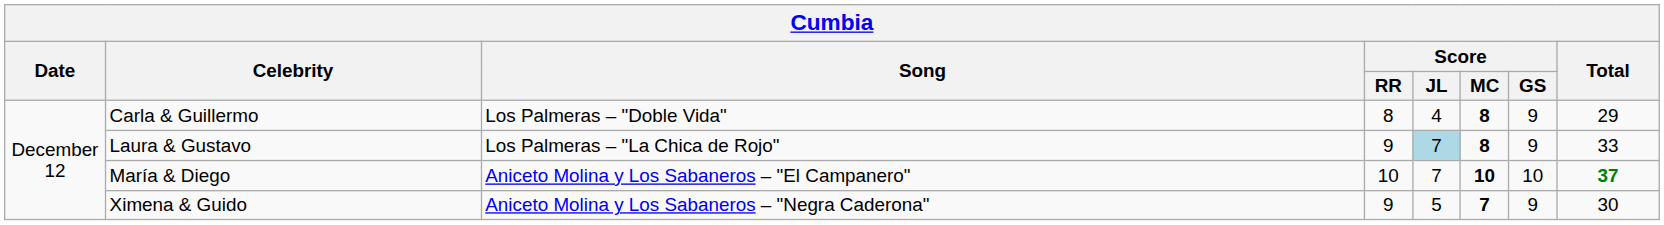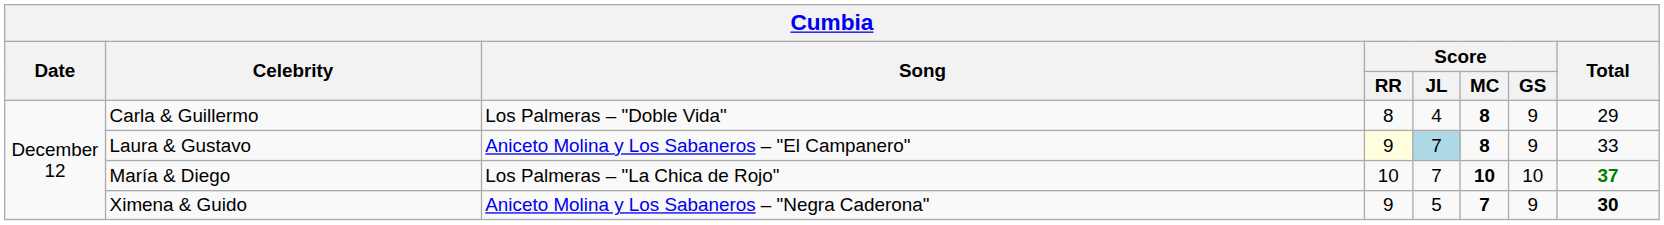 <table class="wikitable collapsible collapsed" style="font-size:90%; text-align: center; width: 100%;">
 <tr>
 <th colspan="11" style="with: 95%;"><big><a href='#'>Cumbia</a></big></th>
 </tr>
 <tr>
 <th width=70 rowspan="2">Date</th>
 <th width=280 rowspan="2">Celebrity</th>
 <th rowspan="2">Song</th>
 <th colspan="4">Score</th>
 <th rowspan="2">Total</th>
 </tr>
 <tr>
 <th width=30>RR</th>
 <th width=30>JL</th>
 <th width=30>MC</th>
 <th width=30>GS</th>
 </tr>
 <tr>
 <td rowspan="4">December 12</td>
 <td style="text-align:left;">Carla & Guillermo</td>
 <td style="text-align:left;">Los Palmeras – "Doble Vida"</td>
 <td>8</td>
 <td>4</td>
 <td><strong>8</strong></td>
 <td>9</td>
 <td>29</td>
 </tr>
 <tr>
 <td style="text-align:left;">Laura & Gustavo</td>
-<td style="text-align:left;">Los Palmeras – "La Chica de Rojo"</td>
-<td>9</td>
+<td style="text-align:left;"><a href='#'>Aniceto Molina y Los Sabaneros</a> – "El Campanero"</td>
+<td style="background: lightyellow;">9</td>
 <td style="background: lightblue;">7</td>
 <td><strong>8</strong></td>
 <td>9</td>
 <td>33</td>
 </tr>
 <tr>
 <td style="text-align:left;">María & Diego</td>
-<td style="text-align:left;"><a href='#'>Aniceto Molina y Los Sabaneros</a> – "El Campanero"</td>
+<td style="text-align:left;">Los Palmeras – "La Chica de Rojo"</td>
 <td>10</td>
 <td>7</td>
 <td><strong>10</strong></td>
 <td>10</td>
 <td style="color:green;"><strong>37</strong></td>
 </tr>
 <tr>
 <td style="text-align:left;">Ximena & Guido</td>
 <td style="text-align:left;"><a href='#'>Aniceto Molina y Los Sabaneros</a> – "Negra Caderona"</td>
 <td>9</td>
 <td>5</td>
 <td><strong>7</strong></td>
 <td>9</td>
-<td>30</td>
+<td><strong>30</strong></td>
 </tr>
 </table>
